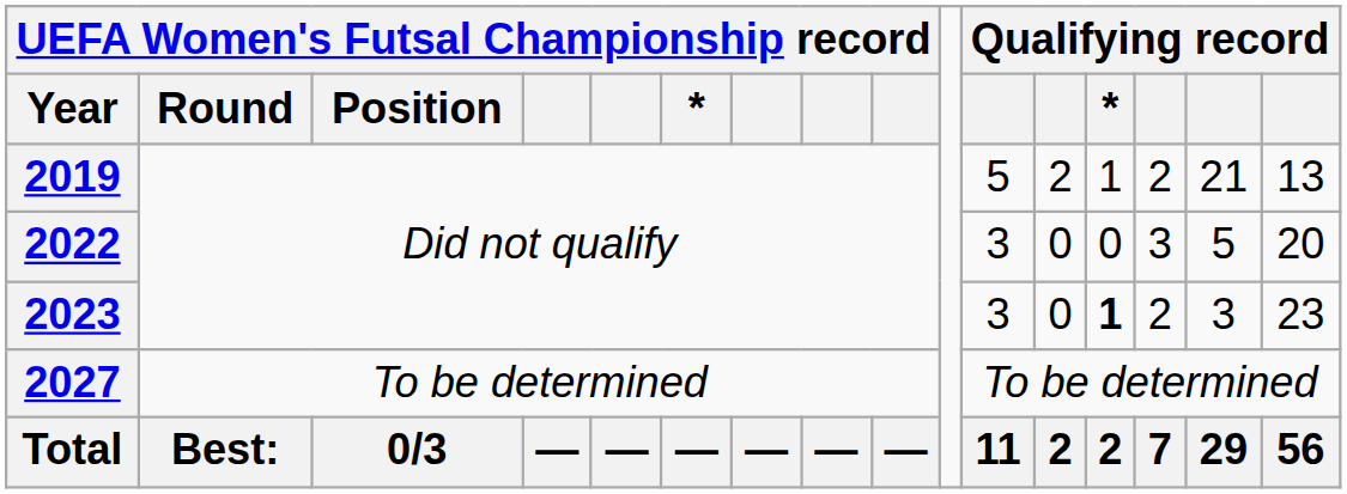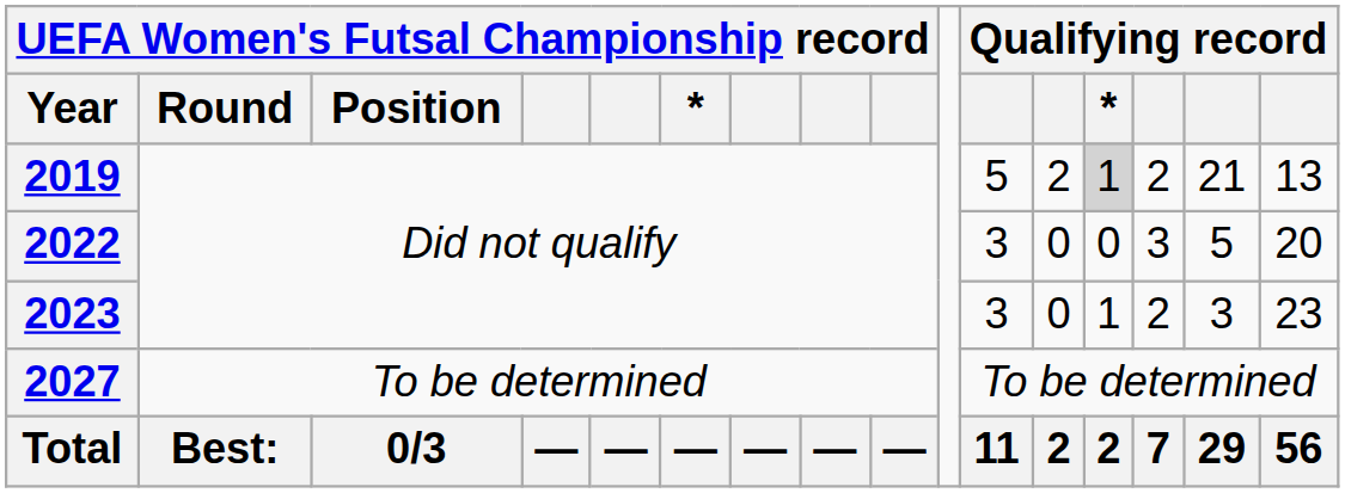 <table class="wikitable" style="text-align: center;">
 <tr>
 <th colspan="9"><a href='#'>UEFA Women's Futsal Championship</a> record</th>
 <td rowspan=17></td>
 <th colspan=6>Qualifying record</th>
 </tr>
 <tr>
 <th>Year</th>
 <th>Round</th>
 <th>Position</th>
 <th></th>
 <th></th>
 <th>*</th>
 <th></th>
 <th></th>
 <th></th>
 <th></th>
 <th></th>
 <th>*</th>
 <th></th>
 <th></th>
 <th></th>
 </tr>
 <tr>
 <th> <a href='#'>2019</a></th>
 <td colspan="8" rowspan="3"><em>Did not qualify</em></td>
 <td>5</td>
 <td>2</td>
-<td>1</td>
+<td style="background: lightgrey;">1</td>
 <td>2</td>
 <td>21</td>
 <td>13</td>
 </tr>
 <tr>
 <th> <a href='#'>2022</a></th>
 <td>3</td>
 <td>0</td>
 <td>0</td>
 <td>3</td>
 <td>5</td>
 <td>20</td>
 </tr>
 <tr>
 <th> <a href='#'>2023</a></th>
 <td>3</td>
 <td>0</td>
-<td><strong>1</strong></td>
+<td>1</td>
 <td>2</td>
 <td>3</td>
 <td>23</td>
 </tr>
 <tr>
 <th> <a href='#'>2027</a></th>
 <td colspan="8"><em>To be determined</em></td>
 <td colspan=6><em>To be determined</em></td>
 </tr>
 <tr>
 <th>Total</th>
 <th>Best:</th>
 <th>0/3</th>
 <th>—</th>
 <th>—</th>
 <th>—</th>
 <th>—</th>
 <th>—</th>
 <th>—</th>
 <th>11</th>
 <th>2</th>
 <th>2</th>
 <th>7</th>
 <th>29</th>
 <th>56</th>
 </tr>
 </table>
